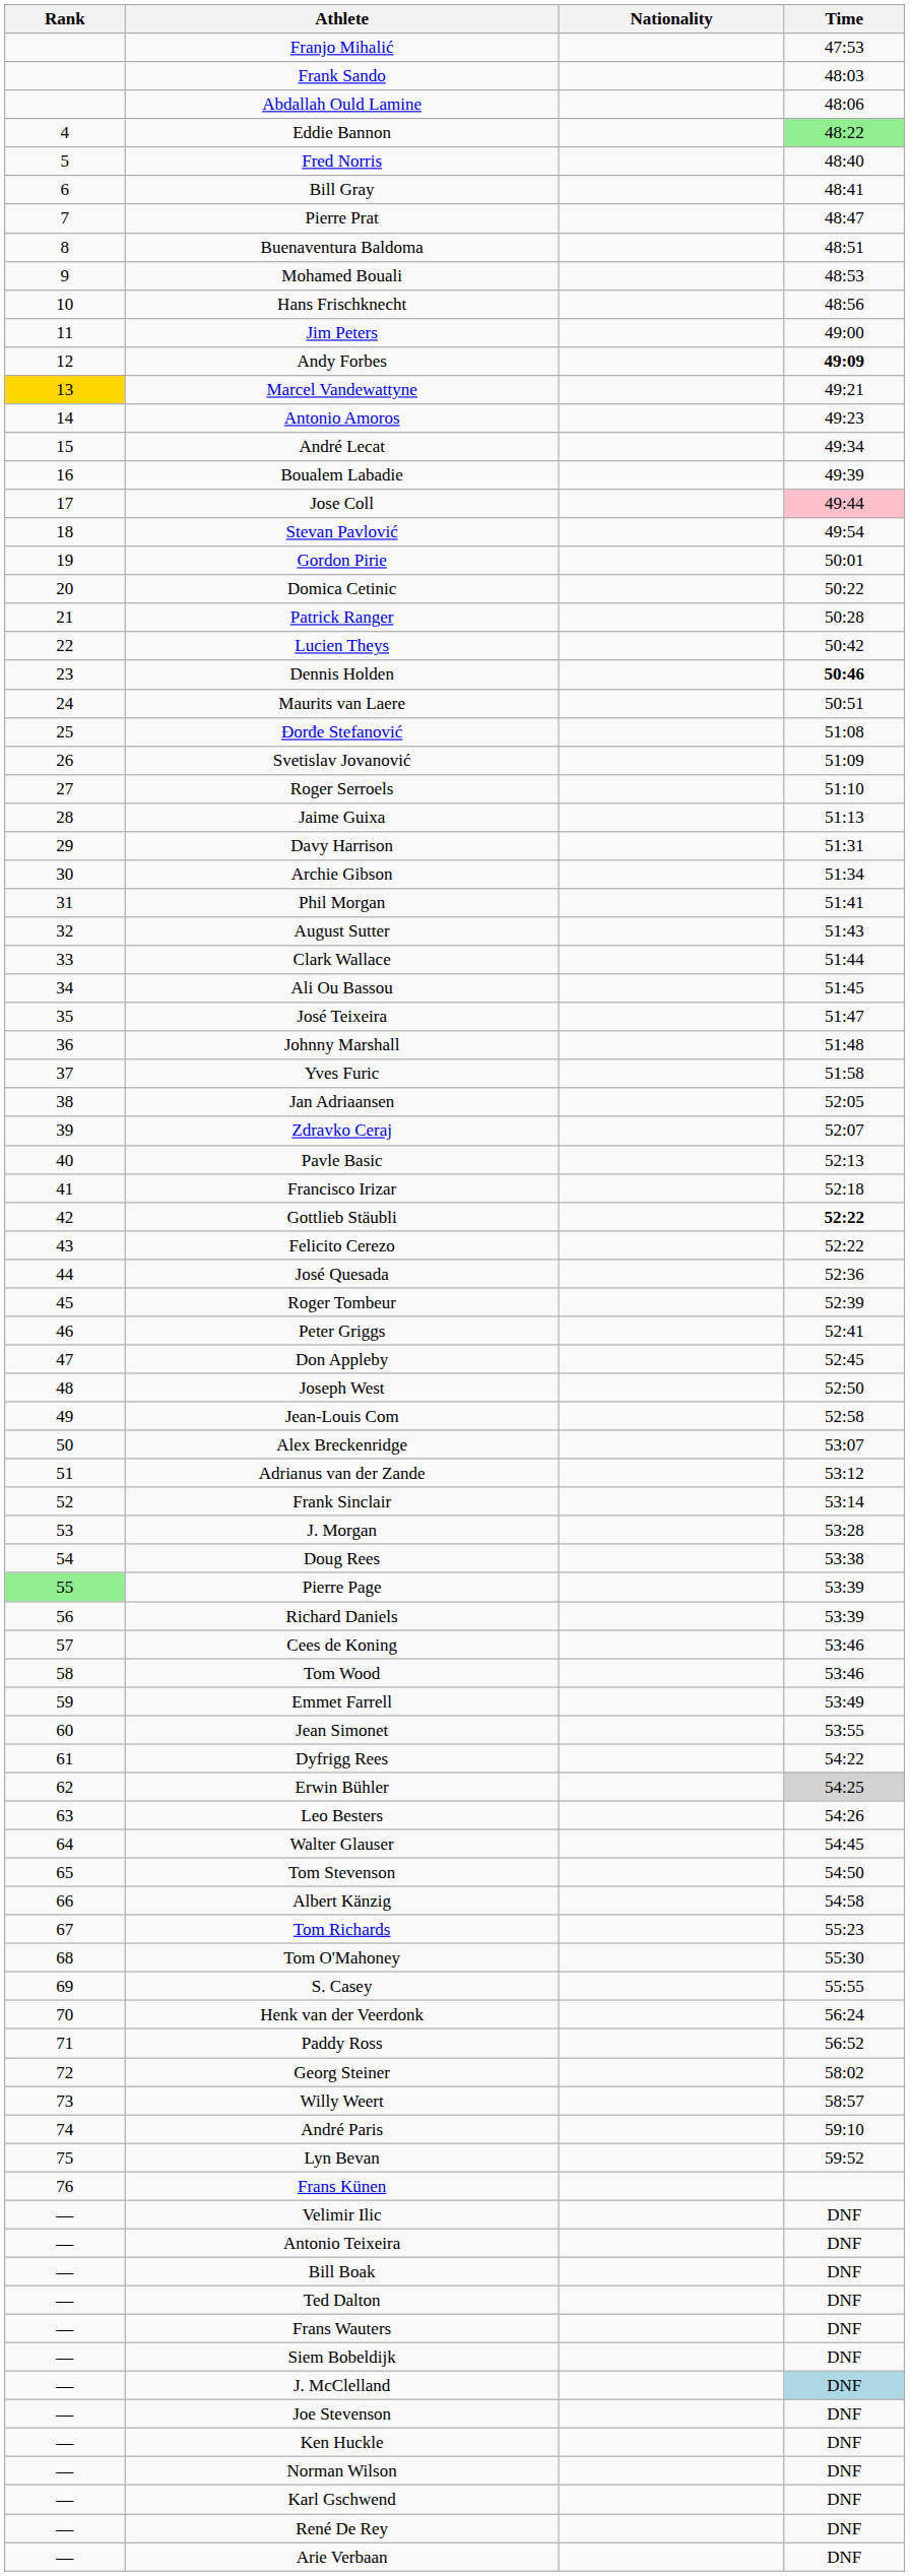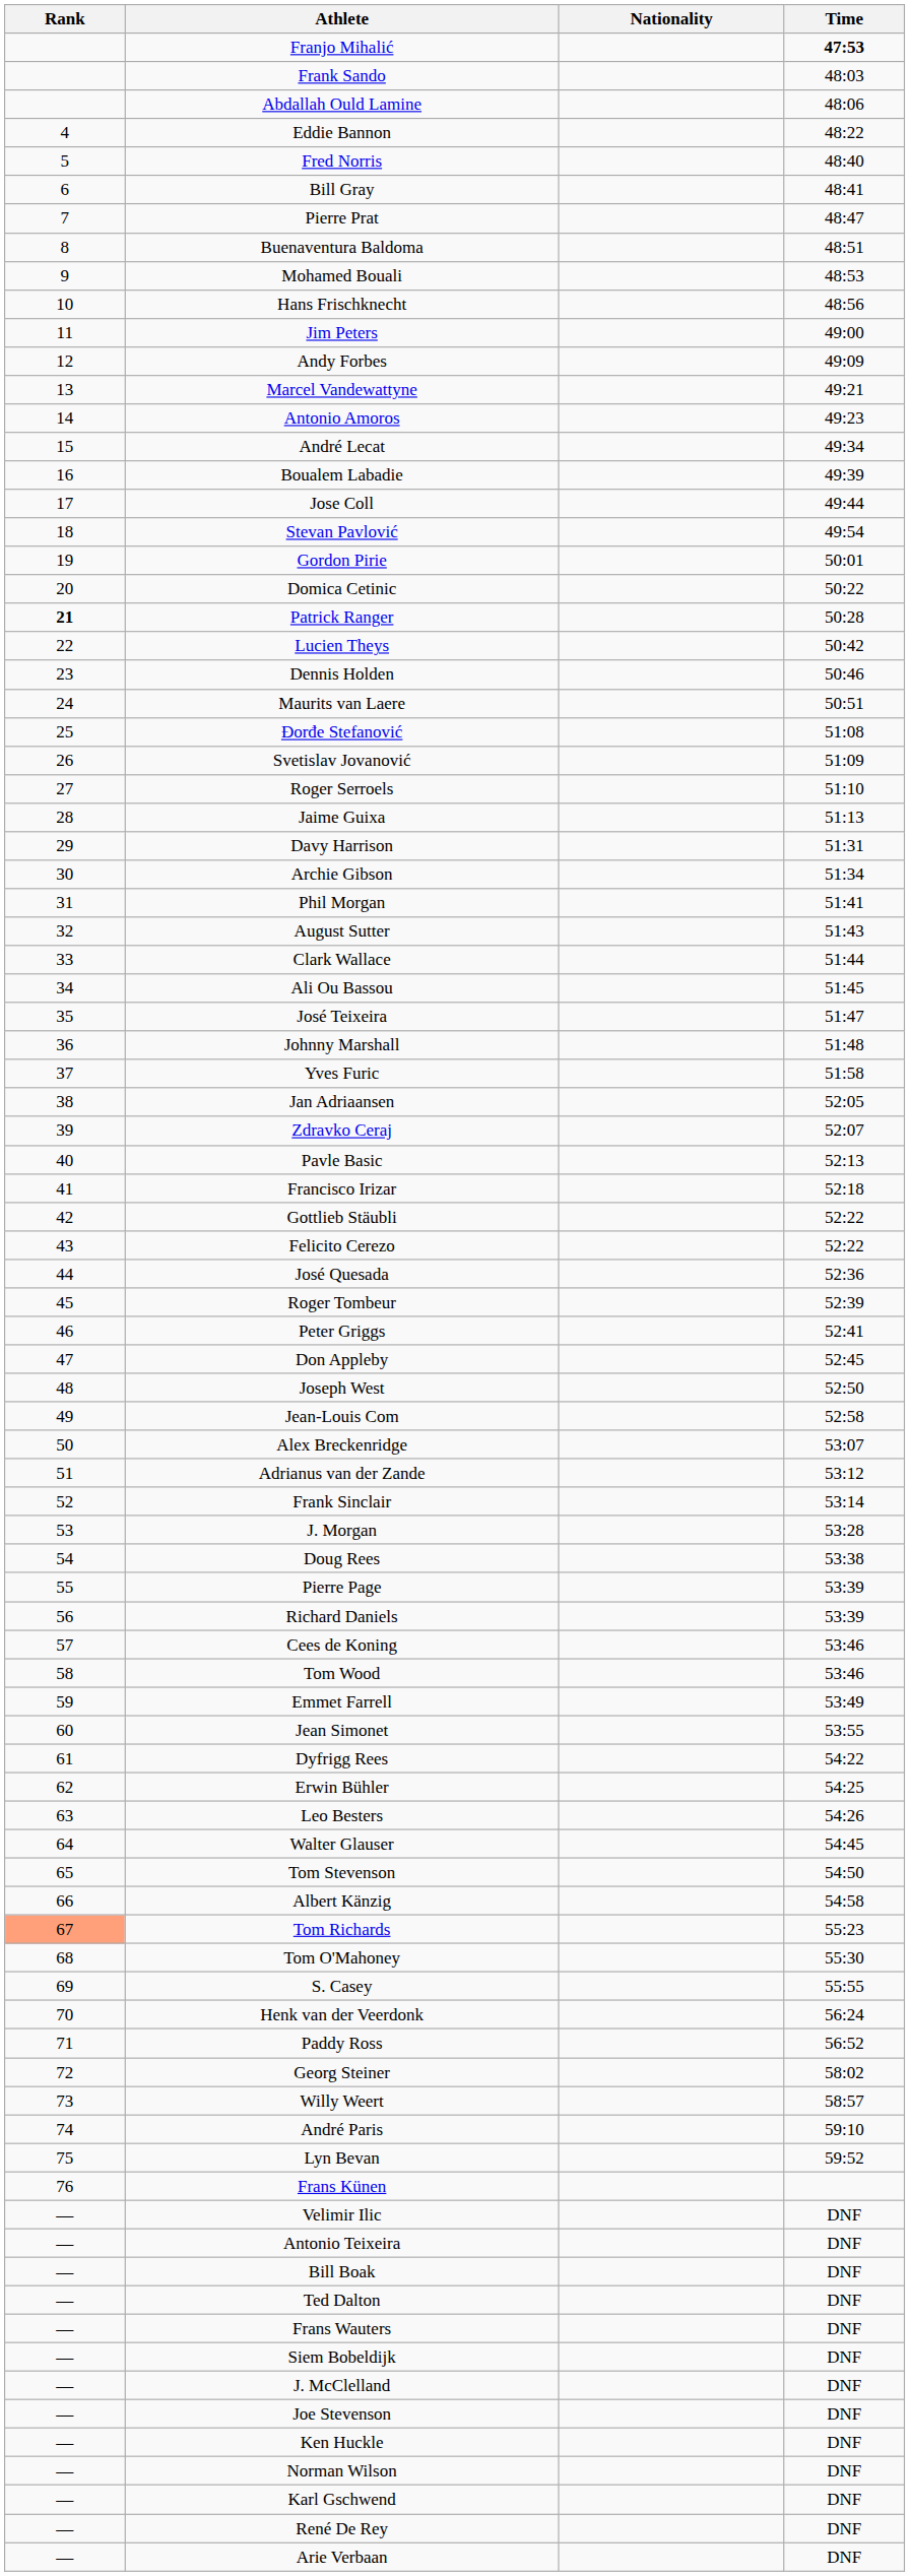 <table class="wikitable sortable" style=" text-align:center; font-size:95%;" width="50%">
 <tr>
 <th>Rank</th>
 <th>Athlete</th>
 <th>Nationality</th>
 <th>Time</th>
 </tr>
 <tr>
 <td align=center></td>
 <td><a href='#'>Franjo Mihalić</a></td>
 <td></td>
-<td>47:53</td>
+<td><strong>47:53</strong></td>
 </tr>
 <tr>
 <td align=center></td>
 <td><a href='#'>Frank Sando</a></td>
 <td></td>
 <td>48:03</td>
 </tr>
 <tr>
 <td align=center></td>
 <td><a href='#'>Abdallah Ould Lamine</a></td>
 <td></td>
 <td>48:06</td>
 </tr>
 <tr>
 <td align=center>4</td>
 <td>Eddie Bannon</td>
 <td></td>
-<td style="background: lightgreen;">48:22</td>
+<td>48:22</td>
 </tr>
 <tr>
 <td align=center>5</td>
 <td><a href='#'>Fred Norris</a></td>
 <td></td>
 <td>48:40</td>
 </tr>
 <tr>
 <td align=center>6</td>
 <td>Bill Gray</td>
 <td></td>
 <td>48:41</td>
 </tr>
 <tr>
 <td align=center>7</td>
 <td>Pierre Prat</td>
 <td></td>
 <td>48:47</td>
 </tr>
 <tr>
 <td align=center>8</td>
 <td>Buenaventura Baldoma</td>
 <td></td>
 <td>48:51</td>
 </tr>
 <tr>
 <td align=center>9</td>
 <td>Mohamed Bouali</td>
 <td></td>
 <td>48:53</td>
 </tr>
 <tr>
 <td align=center>10</td>
 <td>Hans Frischknecht</td>
 <td></td>
 <td>48:56</td>
 </tr>
 <tr>
 <td align=center>11</td>
 <td><a href='#'>Jim Peters</a></td>
 <td></td>
 <td>49:00</td>
 </tr>
 <tr>
 <td align=center>12</td>
 <td>Andy Forbes</td>
 <td></td>
-<td><strong>49:09</strong></td>
+<td>49:09</td>
 </tr>
 <tr>
-<td align=center style="background: gold;">13</td>
+<td align=center>13</td>
 <td><a href='#'>Marcel Vandewattyne</a></td>
 <td></td>
 <td>49:21</td>
 </tr>
 <tr>
 <td align=center>14</td>
 <td><a href='#'>Antonio Amoros</a></td>
 <td></td>
 <td>49:23</td>
 </tr>
 <tr>
 <td align=center>15</td>
 <td>André Lecat</td>
 <td></td>
 <td>49:34</td>
 </tr>
 <tr>
 <td align=center>16</td>
 <td>Boualem Labadie</td>
 <td></td>
 <td>49:39</td>
 </tr>
 <tr>
 <td align=center>17</td>
 <td>Jose Coll</td>
 <td></td>
-<td style="background: pink;">49:44</td>
+<td>49:44</td>
 </tr>
 <tr>
 <td align=center>18</td>
 <td><a href='#'>Stevan Pavlović</a></td>
 <td></td>
 <td>49:54</td>
 </tr>
 <tr>
 <td align=center>19</td>
 <td><a href='#'>Gordon Pirie</a></td>
 <td></td>
 <td>50:01</td>
 </tr>
 <tr>
 <td align=center>20</td>
 <td>Domica Cetinic</td>
 <td></td>
 <td>50:22</td>
 </tr>
 <tr>
-<td align=center>21</td>
+<td align=center><strong>21</strong></td>
 <td><a href='#'>Patrick Ranger</a></td>
 <td></td>
 <td>50:28</td>
 </tr>
 <tr>
 <td align=center>22</td>
 <td><a href='#'>Lucien Theys</a></td>
 <td></td>
 <td>50:42</td>
 </tr>
 <tr>
 <td align=center>23</td>
 <td>Dennis Holden</td>
 <td></td>
-<td><strong>50:46</strong></td>
+<td>50:46</td>
 </tr>
 <tr>
 <td align=center>24</td>
 <td>Maurits van Laere</td>
 <td></td>
 <td>50:51</td>
 </tr>
 <tr>
 <td align=center>25</td>
 <td><a href='#'>Đorđe Stefanović</a></td>
 <td></td>
 <td>51:08</td>
 </tr>
 <tr>
 <td align=center>26</td>
 <td>Svetislav Jovanović</td>
 <td></td>
 <td>51:09</td>
 </tr>
 <tr>
 <td align=center>27</td>
 <td>Roger Serroels</td>
 <td></td>
 <td>51:10</td>
 </tr>
 <tr>
 <td align=center>28</td>
 <td>Jaime Guixa</td>
 <td></td>
 <td>51:13</td>
 </tr>
 <tr>
 <td align=center>29</td>
 <td>Davy Harrison</td>
 <td></td>
 <td>51:31</td>
 </tr>
 <tr>
 <td align=center>30</td>
 <td>Archie Gibson</td>
 <td></td>
 <td>51:34</td>
 </tr>
 <tr>
 <td align=center>31</td>
 <td>Phil Morgan</td>
 <td></td>
 <td>51:41</td>
 </tr>
 <tr>
 <td align=center>32</td>
 <td>August Sutter</td>
 <td></td>
 <td>51:43</td>
 </tr>
 <tr>
 <td align=center>33</td>
 <td>Clark Wallace</td>
 <td></td>
 <td>51:44</td>
 </tr>
 <tr>
 <td align=center>34</td>
 <td>Ali Ou Bassou</td>
 <td></td>
 <td>51:45</td>
 </tr>
 <tr>
 <td align=center>35</td>
 <td>José Teixeira</td>
 <td></td>
 <td>51:47</td>
 </tr>
 <tr>
 <td align=center>36</td>
 <td>Johnny Marshall</td>
 <td></td>
 <td>51:48</td>
 </tr>
 <tr>
 <td align=center>37</td>
 <td>Yves Furic</td>
 <td></td>
 <td>51:58</td>
 </tr>
 <tr>
 <td align=center>38</td>
 <td>Jan Adriaansen</td>
 <td></td>
 <td>52:05</td>
 </tr>
 <tr>
 <td align=center>39</td>
 <td><a href='#'>Zdravko Ceraj</a></td>
 <td></td>
 <td>52:07</td>
 </tr>
 <tr>
 <td align=center>40</td>
 <td>Pavle Basic</td>
 <td></td>
 <td>52:13</td>
 </tr>
 <tr>
 <td align=center>41</td>
 <td>Francisco Irizar</td>
 <td></td>
 <td>52:18</td>
 </tr>
 <tr>
 <td align=center>42</td>
 <td>Gottlieb Stäubli</td>
 <td></td>
-<td><strong>52:22</strong></td>
+<td>52:22</td>
 </tr>
 <tr>
 <td align=center>43</td>
 <td>Felicito Cerezo</td>
 <td></td>
 <td>52:22</td>
 </tr>
 <tr>
 <td align=center>44</td>
 <td>José Quesada</td>
 <td></td>
 <td>52:36</td>
 </tr>
 <tr>
 <td align=center>45</td>
 <td>Roger Tombeur</td>
 <td></td>
 <td>52:39</td>
 </tr>
 <tr>
 <td align=center>46</td>
 <td>Peter Griggs</td>
 <td></td>
 <td>52:41</td>
 </tr>
 <tr>
 <td align=center>47</td>
 <td>Don Appleby</td>
 <td></td>
 <td>52:45</td>
 </tr>
 <tr>
 <td align=center>48</td>
 <td>Joseph West</td>
 <td></td>
 <td>52:50</td>
 </tr>
 <tr>
 <td align=center>49</td>
 <td>Jean-Louis Com</td>
 <td></td>
 <td>52:58</td>
 </tr>
 <tr>
 <td align=center>50</td>
 <td>Alex Breckenridge</td>
 <td></td>
 <td>53:07</td>
 </tr>
 <tr>
 <td align=center>51</td>
 <td>Adrianus van der Zande</td>
 <td></td>
 <td>53:12</td>
 </tr>
 <tr>
 <td align=center>52</td>
 <td>Frank Sinclair</td>
 <td></td>
 <td>53:14</td>
 </tr>
 <tr>
 <td align=center>53</td>
 <td>J. Morgan</td>
 <td></td>
 <td>53:28</td>
 </tr>
 <tr>
 <td align=center>54</td>
 <td>Doug Rees</td>
 <td></td>
 <td>53:38</td>
 </tr>
 <tr>
-<td align=center style="background: lightgreen;">55</td>
+<td align=center>55</td>
 <td>Pierre Page</td>
 <td></td>
 <td>53:39</td>
 </tr>
 <tr>
 <td align=center>56</td>
 <td>Richard Daniels</td>
 <td></td>
 <td>53:39</td>
 </tr>
 <tr>
 <td align=center>57</td>
 <td>Cees de Koning</td>
 <td></td>
 <td>53:46</td>
 </tr>
 <tr>
 <td align=center>58</td>
 <td>Tom Wood</td>
 <td></td>
 <td>53:46</td>
 </tr>
 <tr>
 <td align=center>59</td>
 <td>Emmet Farrell</td>
 <td></td>
 <td>53:49</td>
 </tr>
 <tr>
 <td align=center>60</td>
 <td>Jean Simonet</td>
 <td></td>
 <td>53:55</td>
 </tr>
 <tr>
 <td align=center>61</td>
 <td>Dyfrigg Rees</td>
 <td></td>
 <td>54:22</td>
 </tr>
 <tr>
 <td align=center>62</td>
 <td>Erwin Bühler</td>
 <td></td>
-<td style="background: lightgrey;">54:25</td>
+<td>54:25</td>
 </tr>
 <tr>
 <td align=center>63</td>
 <td>Leo Besters</td>
 <td></td>
 <td>54:26</td>
 </tr>
 <tr>
 <td align=center>64</td>
 <td>Walter Glauser</td>
 <td></td>
 <td>54:45</td>
 </tr>
 <tr>
 <td align=center>65</td>
 <td>Tom Stevenson</td>
 <td></td>
 <td>54:50</td>
 </tr>
 <tr>
 <td align=center>66</td>
 <td>Albert Känzig</td>
 <td></td>
 <td>54:58</td>
 </tr>
 <tr>
-<td align=center>67</td>
+<td align=center style="background: lightsalmon;">67</td>
 <td><a href='#'>Tom Richards</a></td>
 <td></td>
 <td>55:23</td>
 </tr>
 <tr>
 <td align=center>68</td>
 <td>Tom O'Mahoney</td>
 <td></td>
 <td>55:30</td>
 </tr>
 <tr>
 <td align=center>69</td>
 <td>S. Casey</td>
 <td></td>
 <td>55:55</td>
 </tr>
 <tr>
 <td align=center>70</td>
 <td>Henk van der Veerdonk</td>
 <td></td>
 <td>56:24</td>
 </tr>
 <tr>
 <td align=center>71</td>
 <td>Paddy Ross</td>
 <td></td>
 <td>56:52</td>
 </tr>
 <tr>
 <td align=center>72</td>
 <td>Georg Steiner</td>
 <td></td>
 <td>58:02</td>
 </tr>
 <tr>
 <td align=center>73</td>
 <td>Willy Weert</td>
 <td></td>
 <td>58:57</td>
 </tr>
 <tr>
 <td align=center>74</td>
 <td>André Paris</td>
 <td></td>
 <td>59:10</td>
 </tr>
 <tr>
 <td align=center>75</td>
 <td>Lyn Bevan</td>
 <td></td>
 <td>59:52</td>
 </tr>
 <tr>
 <td align=center>76</td>
 <td><a href='#'>Frans Künen</a></td>
 <td></td>
 <td></td>
 </tr>
 <tr>
 <td align=center>—</td>
 <td>Velimir Ilic</td>
 <td></td>
 <td>DNF</td>
 </tr>
 <tr>
 <td align=center>—</td>
 <td>Antonio Teixeira</td>
 <td></td>
 <td>DNF</td>
 </tr>
 <tr>
 <td align=center>—</td>
 <td>Bill Boak</td>
 <td></td>
 <td>DNF</td>
 </tr>
 <tr>
 <td align=center>—</td>
 <td>Ted Dalton</td>
 <td></td>
 <td>DNF</td>
 </tr>
 <tr>
 <td align=center>—</td>
 <td>Frans Wauters</td>
 <td></td>
 <td>DNF</td>
 </tr>
 <tr>
 <td align=center>—</td>
 <td>Siem Bobeldijk</td>
 <td></td>
 <td>DNF</td>
 </tr>
 <tr>
 <td align=center>—</td>
 <td>J. McClelland</td>
 <td></td>
-<td style="background: lightblue;">DNF</td>
+<td>DNF</td>
 </tr>
 <tr>
 <td align=center>—</td>
 <td>Joe Stevenson</td>
 <td></td>
 <td>DNF</td>
 </tr>
 <tr>
 <td align=center>—</td>
 <td>Ken Huckle</td>
 <td></td>
 <td>DNF</td>
 </tr>
 <tr>
 <td align=center>—</td>
 <td>Norman Wilson</td>
 <td></td>
 <td>DNF</td>
 </tr>
 <tr>
 <td align=center>—</td>
 <td>Karl Gschwend</td>
 <td></td>
 <td>DNF</td>
 </tr>
 <tr>
 <td align=center>—</td>
 <td>René De Rey</td>
 <td></td>
 <td>DNF</td>
 </tr>
 <tr>
 <td align=center>—</td>
 <td>Arie Verbaan</td>
 <td></td>
 <td>DNF</td>
 </tr>
 </table>
